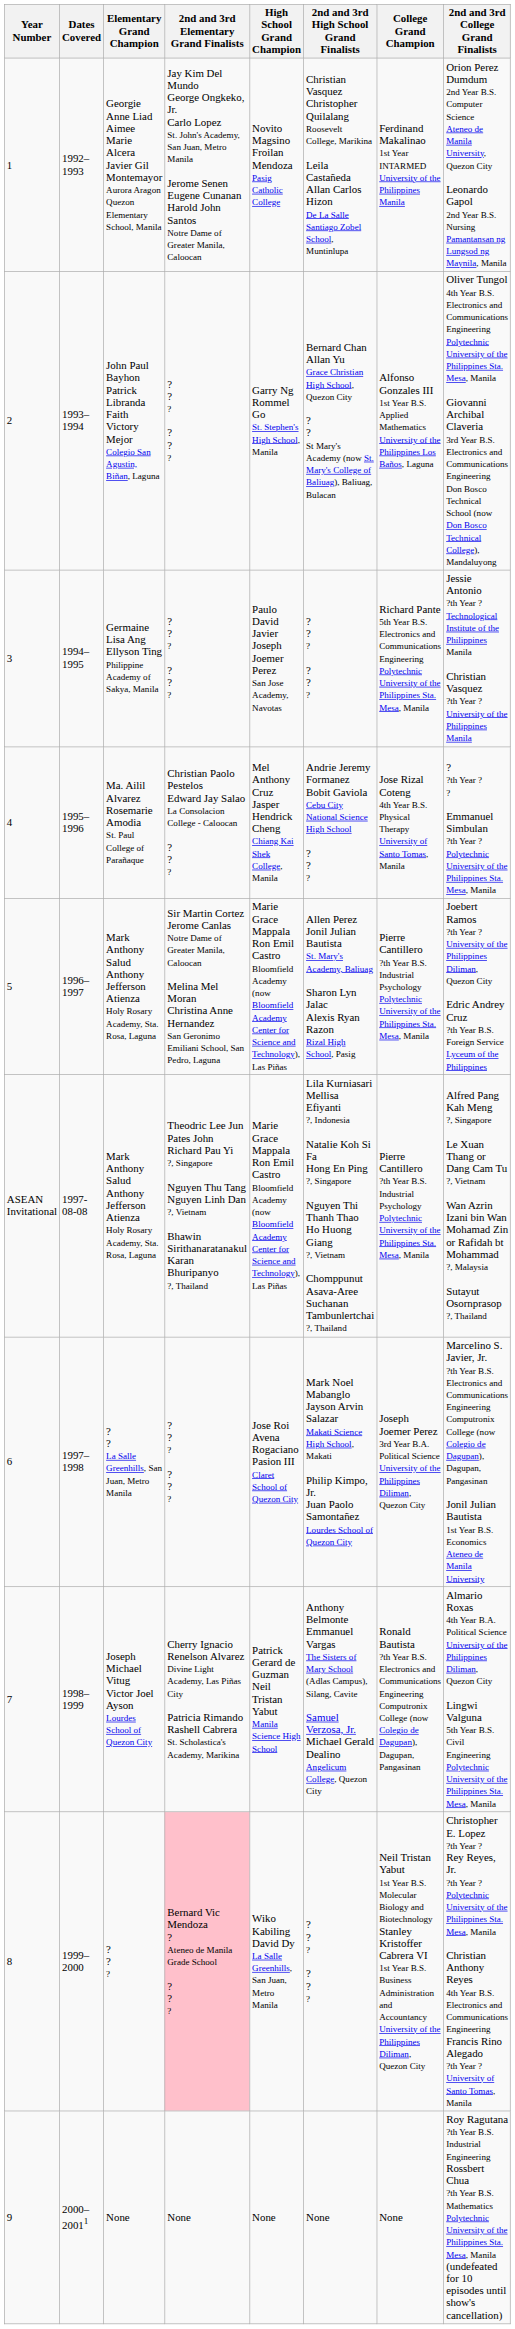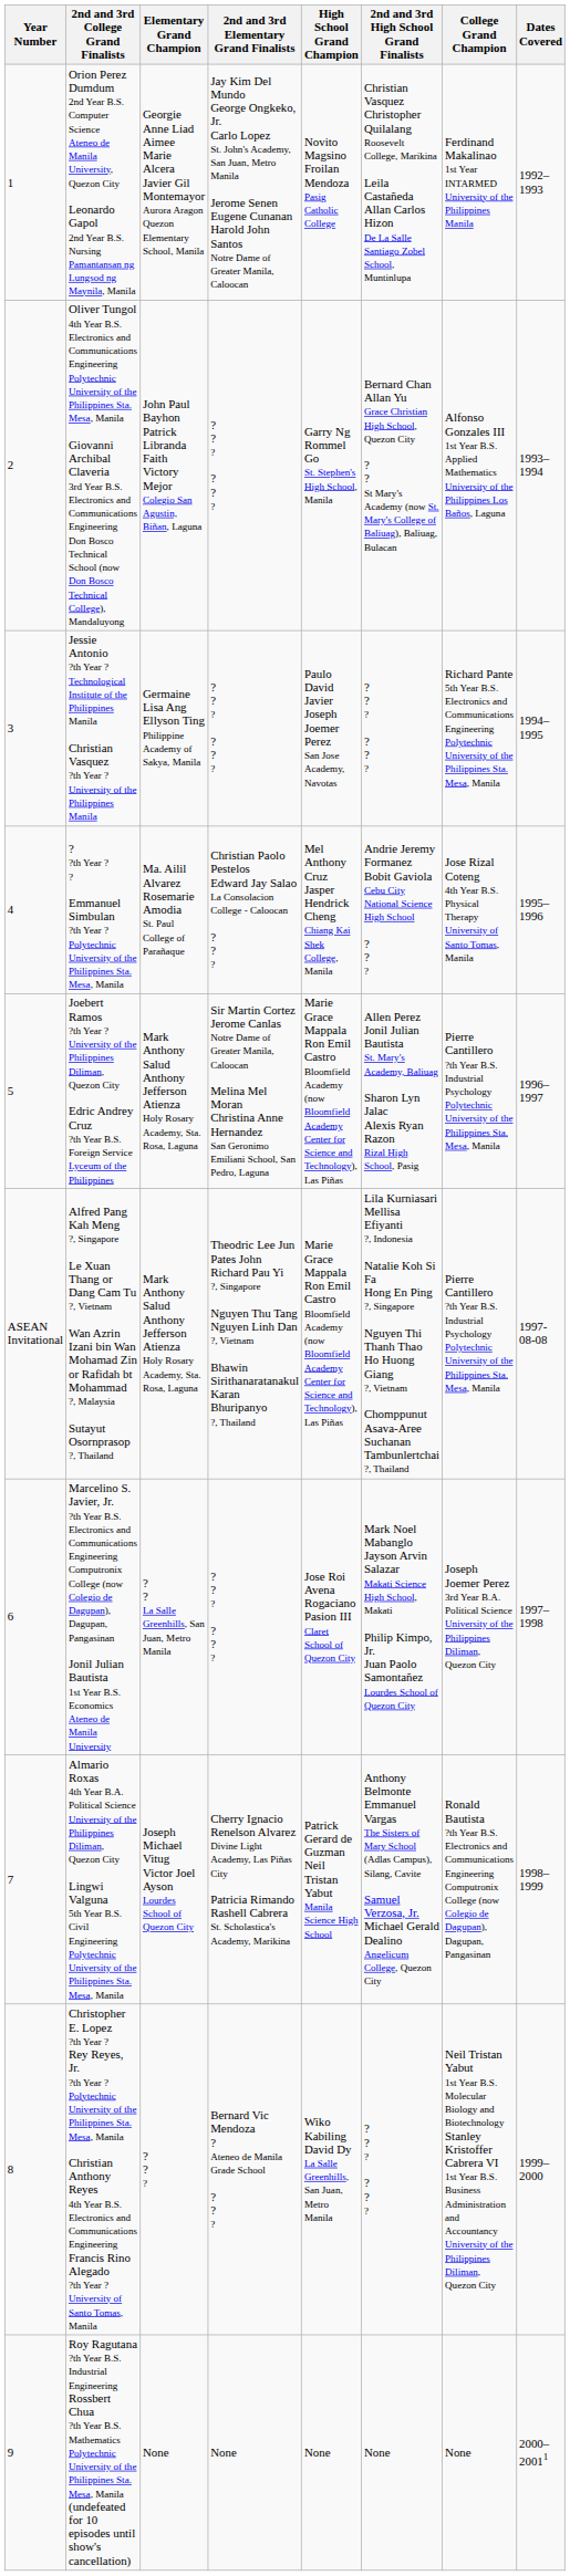 <table class="wikitable" style="text-align:left">
 <tr>
 <th>Year Number</th>
-<th>Dates Covered</th>
+<th>2nd and 3rd College Grand Finalists</th>
 <th>Elementary Grand Champion</th>
 <th>2nd and 3rd Elementary Grand Finalists</th>
 <th>High School Grand Champion</th>
 <th>2nd and 3rd High School Grand Finalists</th>
 <th>College Grand Champion</th>
-<th>2nd and 3rd College Grand Finalists</th>
+<th>Dates Covered</th>
 </tr>
 <tr>
 <td>1</td>
-<td>1992–1993</td>
+<td>Orion Perez Dumdum<br><small>2nd Year B.S. Computer Science<br><a href='#'>Ateneo de Manila University</a>, Quezon City</small><br><br>Leonardo Gapol<br><small>2nd Year B.S. Nursing<br><a href='#'>Pamantansan ng Lungsod ng Maynila</a>, Manila</small></td>
 <td>Georgie Anne Liad<br>Aimee Marie Alcera<br>Javier Gil Montemayor<br><small>Aurora Aragon Quezon Elementary School, Manila</small></td>
 <td>Jay Kim Del Mundo<br>George Ongkeko, Jr.<br>Carlo Lopez<br><small>St. John's Academy, San Juan, Metro Manila</small><br><br>Jerome Senen<br>Eugene Cunanan<br>Harold John Santos<br><small>Notre Dame of Greater Manila, Caloocan</small></td>
 <td>Novito Magsino<br>Froilan Mendoza<br><small><a href='#'>Pasig Catholic College</a></small></td>
 <td>Christian Vasquez<br>Christopher Quilalang<br><small>Roosevelt College, Marikina</small><br><br>Leila Castañeda<br>Allan Carlos Hizon<br><small><a href='#'>De La Salle Santiago Zobel School</a>, Muntinlupa</small></td>
 <td>Ferdinand Makalinao<br><small>1st Year INTARMED<br><a href='#'>University of the Philippines Manila</a></small></td>
-<td>Orion Perez Dumdum<br><small>2nd Year B.S. Computer Science<br><a href='#'>Ateneo de Manila University</a>, Quezon City</small><br><br>Leonardo Gapol<br><small>2nd Year B.S. Nursing<br><a href='#'>Pamantansan ng Lungsod ng Maynila</a>, Manila</small></td>
+<td>1992–1993</td>
 </tr>
 <tr>
 <td>2</td>
-<td>1993–1994</td>
+<td>Oliver Tungol<br><small>4th Year B.S. Electronics and Communications Engineering<br><a href='#'>Polytechnic University of the Philippines Sta. Mesa</a>, Manila</small><br><br>Giovanni Archibal Claveria<br><small>3rd Year B.S. Electronics and Communications Engineering<br>Don Bosco Technical School (now <a href='#'>Don Bosco Technical College</a>), Mandaluyong</small></td>
 <td>John Paul Bayhon<br>Patrick Libranda<br>Faith Victory Mejor<br><small><a href='#'>Colegio San Agustin, Biñan</a>, Laguna</small></td>
 <td>?<br>?<br><small>?</small><br><br>?<br>?<br><small>?</small></td>
 <td>Garry Ng<br>Rommel Go<br><small><a href='#'>St. Stephen's High School</a>, Manila</small></td>
 <td>Bernard Chan<br>Allan Yu<small><br><a href='#'>Grace Christian High School</a>, Quezon City</small><br><br>?<br>?<br><small>St Mary's Academy (now <a href='#'>St. Mary's College of Baliuag</a>), Baliuag, Bulacan<br></small></td>
 <td>Alfonso Gonzales III<br><small>1st Year B.S. Applied Mathematics<br><a href='#'>University of the Philippines Los Baños</a>, Laguna</small></td>
-<td>Oliver Tungol<br><small>4th Year B.S. Electronics and Communications Engineering<br><a href='#'>Polytechnic University of the Philippines Sta. Mesa</a>, Manila</small><br><br>Giovanni Archibal Claveria<br><small>3rd Year B.S. Electronics and Communications Engineering<br>Don Bosco Technical School (now <a href='#'>Don Bosco Technical College</a>), Mandaluyong</small></td>
+<td>1993–1994</td>
 </tr>
 <tr>
 <td>3</td>
-<td>1994–1995</td>
+<td>Jessie Antonio<br><small>?th Year ?<br><a href='#'>Technological Institute of the Philippines</a> Manila</small><br><br>Christian Vasquez<br><small>?th Year ?<br><a href='#'>University of the Philippines Manila</a></small></td>
 <td>Germaine Lisa Ang<br>Ellyson Ting<br><small>Philippine Academy of Sakya, Manila</small></td>
 <td>?<br>?<br><small>?</small><br><br>?<br>?<br><small>?</small></td>
 <td>Paulo David Javier<br>Joseph Joemer Perez<br><small>San Jose Academy, Navotas</small></td>
 <td>?<br>?<br><small>?</small><br><br>?<br>?<br><small>?</small></td>
 <td>Richard Pante<br><small>5th Year B.S. Electronics and Communications Engineering<br><a href='#'>Polytechnic University of the Philippines Sta. Mesa</a>, Manila</small></td>
-<td>Jessie Antonio<br><small>?th Year ?<br><a href='#'>Technological Institute of the Philippines</a> Manila</small><br><br>Christian Vasquez<br><small>?th Year ?<br><a href='#'>University of the Philippines Manila</a></small></td>
+<td>1994–1995</td>
 </tr>
 <tr>
 <td>4</td>
-<td>1995–1996</td>
+<td><br>?<br><small>?th Year ?<br>?</small><br><br>Emmanuel Simbulan<br><small>?th Year ?<br><a href='#'>Polytechnic University of the Philippines Sta. Mesa</a>, Manila</small></td>
 <td>Ma. Ailil Alvarez<br>Rosemarie Amodia<br><small>St. Paul College of Parañaque</small></td>
 <td>Christian Paolo Pestelos<br>Edward Jay Salao<br><small>La Consolacion College - Caloocan</small><br><br>?<br>?<br><small>?</small></td>
 <td>Mel Anthony Cruz<br>Jasper Hendrick Cheng<br><small><a href='#'>Chiang Kai Shek College</a>, Manila</small></td>
 <td>Andrie Jeremy Formanez<br> Bobit Gaviola <br><small><a href='#'>Cebu City National Science High School</a></small><br><br>?<br>?<br><small>?</small></td>
 <td>Jose Rizal Coteng<br><small>4th Year B.S. Physical Therapy<br><a href='#'>University of Santo Tomas</a>, Manila</small></td>
-<td><br>?<br><small>?th Year ?<br>?</small><br><br>Emmanuel Simbulan<br><small>?th Year ?<br><a href='#'>Polytechnic University of the Philippines Sta. Mesa</a>, Manila</small></td>
+<td>1995–1996</td>
 </tr>
 <tr>
 <td>5</td>
-<td>1996–1997</td>
+<td>Joebert Ramos<br><small>?th Year ?<br><a href='#'>University of the Philippines Diliman</a>, Quezon City</small><br><br>Edric Andrey Cruz<br><small>?th Year B.S. Foreign Service<br><a href='#'>Lyceum of the Philippines</a></small></td>
 <td>Mark Anthony Salud<br>Anthony Jefferson Atienza<br><small>Holy Rosary Academy, Sta. Rosa, Laguna</small></td>
 <td>Sir Martin Cortez<br>Jerome Canlas<br><small>Notre Dame of Greater Manila, Caloocan</small><br><br>Melina Mel Moran<br>Christina Anne Hernandez<br><small>San Geronimo Emiliani School, San Pedro, Laguna</small></td>
 <td>Marie Grace Mappala<br>Ron Emil Castro<br><small>Bloomfield Academy (now <a href='#'>Bloomfield Academy Center for Science and Technology</a>), Las Piñas</small></td>
 <td>Allen Perez<br>Jonil Julian Bautista<br><small><a href='#'>St. Mary's Academy, Baliuag</a></small><br><br>Sharon Lyn Jalac<br>Alexis Ryan Razon<br><small><a href='#'>Rizal High School</a>, Pasig</small></td>
 <td>Pierre Cantillero<br><small>?th Year B.S. Industrial Psychology<br><a href='#'>Polytechnic University of the Philippines Sta. Mesa</a>, Manila</small></td>
-<td>Joebert Ramos<br><small>?th Year ?<br><a href='#'>University of the Philippines Diliman</a>, Quezon City</small><br><br>Edric Andrey Cruz<br><small>?th Year B.S. Foreign Service<br><a href='#'>Lyceum of the Philippines</a></small></td>
+<td>1996–1997</td>
 </tr>
 <tr>
 <td>ASEAN Invitational</td>
-<td>1997-08-08</td>
+<td>Alfred Pang Kah Meng<br><small>?, Singapore</small><br><br>Le Xuan Thang or Dang Cam Tu<br><small>?, Vietnam</small><br><br>Wan Azrin Izani bin Wan Mohamad Zin or Rafidah bt Mohammad<br><small>?, Malaysia</small><br><br>Sutayut Osornprasop<br><small>?, Thailand</small></td>
 <td>Mark Anthony Salud<br>Anthony Jefferson Atienza<br><small>Holy Rosary Academy, Sta. Rosa, Laguna</small></td>
 <td>Theodric Lee Jun<br>Pates John Richard Pau Yi<br><small>?, Singapore</small><br><br>Nguyen Thu Tang<br>Nguyen Linh Dan<br><small>?, Vietnam</small><br><br>Bhawin Sirithanaratanakul<br>Karan Bhuripanyo<br><small>?, Thailand</small></td>
 <td>Marie Grace Mappala<br>Ron Emil Castro<br><small>Bloomfield Academy (now <a href='#'>Bloomfield Academy Center for Science and Technology</a>), Las Piñas</small></td>
 <td>Lila Kurniasari<br>Mellisa Efiyanti<br><small>?, Indonesia</small><br><br>Natalie Koh Si Fa<br>Hong En Ping<br><small>?, Singapore</small><br><br>Nguyen Thi Thanh Thao<br>Ho Huong Giang<br><small>?, Vietnam</small><br><br>Chomppunut Asava-Aree<br>Suchanan Tambunlertchai<br><small>?, Thailand</small></td>
 <td>Pierre Cantillero<br><small>?th Year B.S. Industrial Psychology<br><a href='#'>Polytechnic University of the Philippines Sta. Mesa</a>, Manila</small></td>
-<td>Alfred Pang Kah Meng<br><small>?, Singapore</small><br><br>Le Xuan Thang or Dang Cam Tu<br><small>?, Vietnam</small><br><br>Wan Azrin Izani bin Wan Mohamad Zin or Rafidah bt Mohammad<br><small>?, Malaysia</small><br><br>Sutayut Osornprasop<br><small>?, Thailand</small></td>
+<td>1997-08-08</td>
 </tr>
 <tr>
 <td>6</td>
-<td>1997–1998</td>
+<td>Marcelino S. Javier, Jr.<br><small>?th Year B.S. Electronics and Communications Engineering<br>Computronix College (now <a href='#'>Colegio de Dagupan</a>), Dagupan, Pangasinan</small><br><br>Jonil Julian Bautista<br><small>1st Year B.S. Economics<br><a href='#'>Ateneo de Manila University</a></small></td>
 <td>?<br>?<br><small><a href='#'>La Salle Greenhills</a>, San Juan, Metro Manila</small></td>
 <td>?<br>?<br><small>?</small><br><br>?<br>?<br><small>?</small></td>
 <td>Jose Roi Avena<br>Rogaciano Pasion III<br><small><a href='#'>Claret School of Quezon City</a></small></td>
 <td>Mark Noel Mabanglo<br>Jayson Arvin Salazar<br><small><a href='#'>Makati Science High School</a>, Makati</small><br><br>Philip Kimpo, Jr.<br>Juan Paolo Samontañez<br><small><a href='#'>Lourdes School of Quezon City</a></small><br></td>
 <td>Joseph Joemer Perez<br><small>3rd Year B.A. Political Science<br><a href='#'>University of the Philippines Diliman</a>, Quezon City</small></td>
-<td>Marcelino S. Javier, Jr.<br><small>?th Year B.S. Electronics and Communications Engineering<br>Computronix College (now <a href='#'>Colegio de Dagupan</a>), Dagupan, Pangasinan</small><br><br>Jonil Julian Bautista<br><small>1st Year B.S. Economics<br><a href='#'>Ateneo de Manila University</a></small></td>
+<td>1997–1998</td>
 </tr>
 <tr>
 <td>7</td>
-<td>1998–1999</td>
+<td>Almario Roxas<br><small>4th Year B.A. Political Science<br><a href='#'>University of the Philippines Diliman</a>, Quezon City</small><br><br>Lingwi Valguna<br><small>5th Year B.S. Civil Engineering<br><a href='#'>Polytechnic University of the Philippines Sta. Mesa</a>, Manila</small></td>
 <td>Joseph Michael Vitug<br>Victor Joel Ayson<br><small><a href='#'>Lourdes School of Quezon City</a></small></td>
 <td>Cherry Ignacio<br>Renelson Alvarez<br><small>Divine Light Academy, Las Piñas City</small><br><br>Patricia Rimando<br>Rashell Cabrera<br><small>St. Scholastica's Academy, Marikina</small></td>
 <td>Patrick Gerard de Guzman<br>Neil Tristan Yabut<br><small><a href='#'>Manila Science High School</a></small></td>
 <td>Anthony Belmonte<br>Emmanuel Vargas<br><small><a href='#'>The Sisters of Mary School</a> (Adlas Campus), Silang, Cavite</small><br><br><a href='#'>Samuel Verzosa, Jr.</a><br>Michael Gerald Dealino<br><small><a href='#'>Angelicum College</a>, Quezon City</small></td>
 <td>Ronald Bautista<br><small>?th Year B.S. Electronics and Communications Engineering<br>Computronix College (now <a href='#'>Colegio de Dagupan</a>), Dagupan, Pangasinan</small></td>
-<td>Almario Roxas<br><small>4th Year B.A. Political Science<br><a href='#'>University of the Philippines Diliman</a>, Quezon City</small><br><br>Lingwi Valguna<br><small>5th Year B.S. Civil Engineering<br><a href='#'>Polytechnic University of the Philippines Sta. Mesa</a>, Manila</small></td>
+<td>1998–1999</td>
 </tr>
 <tr>
 <td>8</td>
-<td>1999–2000</td>
+<td>Christopher E. Lopez<br><small>?th Year ?</small><br>Rey Reyes, Jr. <br><small>?th Year ?<br><a href='#'>Polytechnic University of the Philippines Sta. Mesa</a>, Manila</small><br><br>Christian Anthony Reyes<br><small>4th Year B.S. Electronics and Communications Engineering</small><br>Francis Rino Alegado<br><small>?th Year ?<br><a href='#'>University of Santo Tomas</a>, Manila</small></td>
 <td>?<br>?<br><small>?</small></td>
-<td style="background: pink;">Bernard Vic Mendoza<br>?<br><small>Ateneo de Manila Grade School</small><br><br>?<br>?<br><small>?</small></td>
+<td>Bernard Vic Mendoza<br>?<br><small>Ateneo de Manila Grade School</small><br><br>?<br>?<br><small>?</small></td>
 <td>Wiko Kabiling<br>David Dy<br><small><a href='#'>La Salle Greenhills</a>, San Juan, Metro Manila</small></td>
 <td>?<br>?<br><small>?</small><br><br>?<br>?<br><small>?</small></td>
 <td>Neil Tristan Yabut<br><small>1st Year B.S. Molecular Biology and Biotechnology</small><br>Stanley Kristoffer Cabrera VI<br><small>1st Year B.S. Business Administration and Accountancy<br><a href='#'>University of the Philippines Diliman</a>, Quezon City</small></td>
-<td>Christopher E. Lopez<br><small>?th Year ?</small><br>Rey Reyes, Jr. <br><small>?th Year ?<br><a href='#'>Polytechnic University of the Philippines Sta. Mesa</a>, Manila</small><br><br>Christian Anthony Reyes<br><small>4th Year B.S. Electronics and Communications Engineering</small><br>Francis Rino Alegado<br><small>?th Year ?<br><a href='#'>University of Santo Tomas</a>, Manila</small></td>
+<td>1999–2000</td>
 </tr>
 <tr>
 <td>9</td>
-<td>2000–2001<sup>1</sup></td>
+<td>Roy Ragutana<br><small>?th Year B.S. Industrial Engineering</small><br>Rossbert Chua<br><small>?th Year B.S. Mathematics<br><a href='#'>Polytechnic University of the Philippines Sta. Mesa</a>, Manila</small><br>(undefeated for 10 episodes until show's cancellation)</td>
 <td>None</td>
 <td>None</td>
 <td>None</td>
 <td>None</td>
 <td>None</td>
-<td>Roy Ragutana<br><small>?th Year B.S. Industrial Engineering</small><br>Rossbert Chua<br><small>?th Year B.S. Mathematics<br><a href='#'>Polytechnic University of the Philippines Sta. Mesa</a>, Manila</small><br>(undefeated for 10 episodes until show's cancellation)</td>
+<td>2000–2001<sup>1</sup></td>
 </tr>
 </table>
